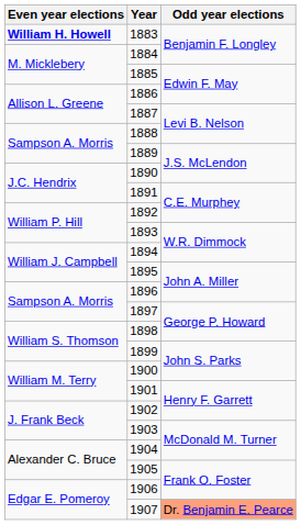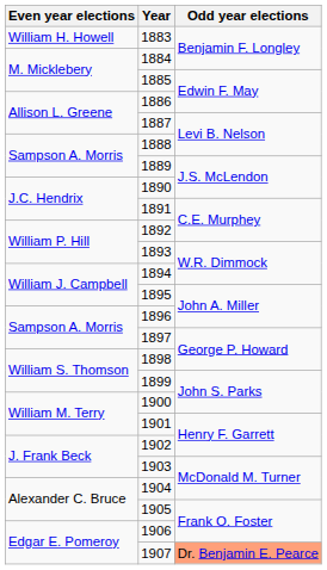 <table class="wikitable">
 <tr>
 <th>Even year elections</th>
 <th>Year</th>
 <th>Odd year elections</th>
 </tr>
 <tr>
-<td rowspan="1"><strong><a href='#'>William H. Howell</a></strong></td>
+<td rowspan="1"><a href='#'>William H. Howell</a></td>
 <td>1883</td>
 <td rowspan="2"><a href='#'>Benjamin F. Longley</a></td>
 </tr>
 <tr>
 <td rowspan="2"><a href='#'>M. Micklebery</a></td>
 <td>1884</td>
 </tr>
 <tr>
 <td>1885</td>
 <td rowspan="2"><a href='#'>Edwin F. May</a></td>
 </tr>
 <tr>
 <td rowspan="2"><a href='#'>Allison L. Greene</a></td>
 <td>1886</td>
 </tr>
 <tr>
 <td>1887</td>
 <td rowspan="2"><a href='#'>Levi B. Nelson</a></td>
 </tr>
 <tr>
 <td rowspan="2"><a href='#'>Sampson A. Morris</a></td>
 <td>1888</td>
 </tr>
 <tr>
 <td>1889</td>
 <td rowspan="2"><a href='#'>J.S. McLendon</a></td>
 </tr>
 <tr>
 <td rowspan="2"><a href='#'>J.C. Hendrix</a></td>
 <td>1890</td>
 </tr>
 <tr>
 <td>1891</td>
 <td rowspan="2"><a href='#'>C.E. Murphey</a></td>
 </tr>
 <tr>
 <td rowspan="2"><a href='#'>William P. Hill</a></td>
 <td>1892</td>
 </tr>
 <tr>
 <td>1893</td>
 <td rowspan="2"><a href='#'>W.R. Dimmock</a></td>
 </tr>
 <tr>
 <td rowspan="2"><a href='#'>William J. Campbell</a></td>
 <td>1894</td>
 </tr>
 <tr>
 <td>1895</td>
 <td rowspan="2"><a href='#'>John A. Miller</a></td>
 </tr>
 <tr>
 <td rowspan="2"><a href='#'>Sampson A. Morris</a></td>
 <td>1896</td>
 </tr>
 <tr>
 <td>1897</td>
 <td rowspan="2"><a href='#'>George P. Howard</a></td>
 </tr>
 <tr>
 <td rowspan="2"><a href='#'>William S. Thomson</a></td>
 <td>1898</td>
 </tr>
 <tr>
 <td>1899</td>
 <td rowspan="2"><a href='#'>John S. Parks</a></td>
 </tr>
 <tr>
 <td rowspan="2"><a href='#'>William M. Terry</a></td>
 <td>1900</td>
 </tr>
 <tr>
 <td>1901</td>
 <td rowspan="2"><a href='#'>Henry F. Garrett</a></td>
 </tr>
 <tr>
 <td rowspan="2"><a href='#'>J. Frank Beck</a></td>
 <td>1902</td>
 </tr>
 <tr>
 <td>1903</td>
 <td rowspan="2"><a href='#'>McDonald M. Turner</a></td>
 </tr>
 <tr>
 <td rowspan="2">Alexander C. Bruce</td>
 <td>1904</td>
 </tr>
 <tr>
 <td>1905</td>
 <td rowspan="2"><a href='#'>Frank O. Foster</a></td>
 </tr>
 <tr>
 <td rowspan="2"><a href='#'>Edgar E. Pomeroy</a></td>
 <td>1906</td>
 </tr>
 <tr>
 <td>1907</td>
 <td rowspan="1" style="background: lightsalmon;">Dr. <a href='#'>Benjamin E. Pearce</a></td>
 </tr>
 </table>
